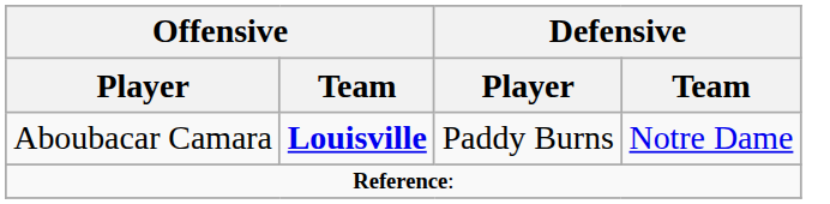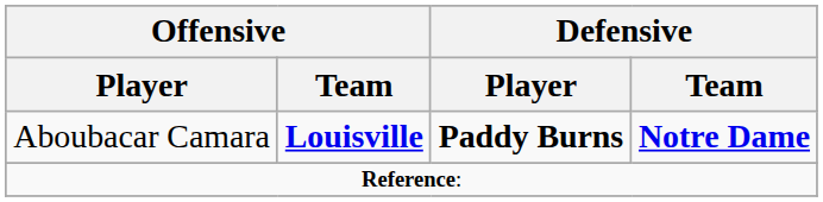 <table class="wikitable" style="text-align: center;">
 <tr>
 <th colspan="2">Offensive</th>
 <th colspan="2">Defensive</th>
 </tr>
 <tr>
 <th>Player</th>
 <th>Team</th>
 <th>Player</th>
 <th>Team</th>
 </tr>
 <tr>
 <td>Aboubacar Camara</td>
 <td><strong><a href='#'>Louisville</a></strong></td>
-<td>Paddy Burns</td>
-<td><a href='#'>Notre Dame</a></td>
+<td><strong>Paddy Burns</strong></td>
+<td><strong><a href='#'>Notre Dame</a></strong></td>
 </tr>
 <tr>
 <td colspan="4"  style="font-size:8pt; text-align:center;"><strong>Reference</strong>:</td>
 </tr>
 </table>
